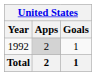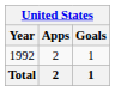 <table class="wikitable" style="text-align:center">
 <tr>
 <th colspan=3><a href='#'>United States</a></th>
 </tr>
 <tr>
 <th>Year</th>
 <th>Apps</th>
 <th>Goals</th>
 </tr>
 <tr>
 <td>1992</td>
-<td style="background: lightgrey;">2</td>
+<td>2</td>
 <td>1</td>
 </tr>
 <tr>
 <th>Total</th>
 <th>2</th>
 <th>1</th>
 </tr>
 </table>
